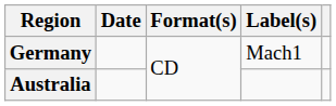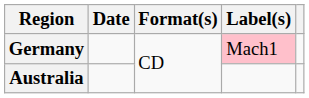 <table class="wikitable plainrowheaders">
 <tr>
 <th scope="col">Region</th>
 <th scope="col">Date</th>
 <th scope="col">Format(s)</th>
 <th scope="col">Label(s)</th>
 <th scope="col"></th>
 </tr>
 <tr>
 <th scope="row">Germany</th>
 <td></td>
 <td rowspan="2">CD</td>
-<td>Mach1</td>
+<td style="background: pink;">Mach1</td>
 <td></td>
 </tr>
 <tr>
 <th scope="row">Australia</th>
 <td></td>
 <td></td>
 <td></td>
 </tr>
 </table>
